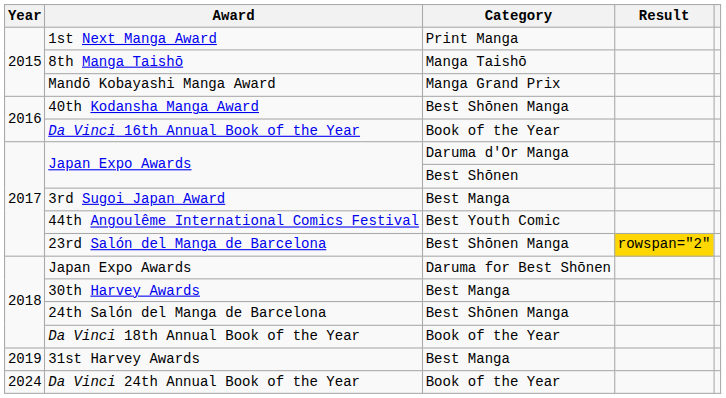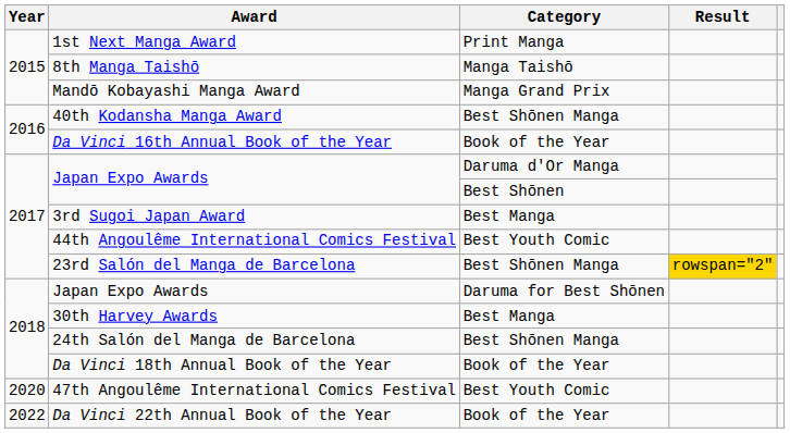 <table class="wikitable plainrowheaders sortable">
 <tr>
 <th scope="col">Year</th>
 <th scope="col">Award</th>
 <th scope="col">Category</th>
 <th scope="col">Result</th>
 <th scope="col" class="unsortable"></th>
 </tr>
 <tr>
 <td rowspan="3" align="center">2015</td>
 <td>1st <a href='#'>Next Manga Award</a></td>
 <td>Print Manga</td>
 <td></td>
 <td style="text-align:center;"></td>
 </tr>
 <tr>
 <td>8th <a href='#'>Manga Taishō</a></td>
 <td>Manga Taishō</td>
 <td></td>
 <td style="text-align:center;"></td>
 </tr>
 <tr>
 <td>Mandō Kobayashi Manga Award</td>
 <td>Manga Grand Prix</td>
 <td></td>
 <td style="text-align:center;"></td>
 </tr>
 <tr>
 <td rowspan="2" align="center">2016</td>
 <td>40th <a href='#'>Kodansha Manga Award</a></td>
 <td>Best Shōnen Manga</td>
 <td></td>
 <td style="text-align:center;"></td>
 </tr>
 <tr>
 <td><a href='#'><em>Da Vinci</em> 16th Annual Book of the Year</a></td>
 <td>Book of the Year</td>
 <td></td>
 <td style="text-align:center;"></td>
 </tr>
 <tr>
 <td rowspan="5" align="center">2017</td>
 <td rowspan="2"><a href='#'>Japan Expo Awards</a></td>
 <td>Daruma d'Or Manga</td>
 <td></td>
 <td rowspan="2" style="text-align:center;"></td>
 </tr>
 <tr>
 <td>Best Shōnen</td>
 <td></td>
 </tr>
 <tr>
 <td>3rd <a href='#'>Sugoi Japan Award</a></td>
 <td>Best Manga</td>
 <td></td>
 <td style="text-align:center;"></td>
 </tr>
 <tr>
 <td>44th <a href='#'>Angoulême International Comics Festival</a></td>
 <td>Best Youth Comic</td>
 <td></td>
 <td style="text-align:center;"></td>
 </tr>
 <tr>
 <td>23rd <a href='#'>Salón del Manga de Barcelona</a></td>
 <td>Best Shōnen Manga</td>
 <td style="background: gold;">rowspan="2" </td>
 <td style="text-align:center;"></td>
 </tr>
 <tr>
 <td rowspan="4" align="center">2018</td>
 <td>Japan Expo Awards</td>
 <td>Daruma for Best Shōnen</td>
 <td style="text-align:center;"></td>
 </tr>
 <tr>
 <td>30th <a href='#'>Harvey Awards</a></td>
 <td>Best Manga</td>
 <td></td>
 <td style="text-align:center;"></td>
 </tr>
 <tr>
 <td>24th Salón del Manga de Barcelona</td>
 <td>Best Shōnen Manga</td>
 <td></td>
 <td style="text-align:center;"></td>
 </tr>
 <tr>
 <td><em>Da Vinci</em> 18th Annual Book of the Year</td>
 <td>Book of the Year</td>
 <td></td>
 <td style="text-align:center;"></td>
 </tr>
 <tr>
-<td align="center">2019</td>
-<td>31st Harvey Awards</td>
-<td>Best Manga</td>
+<td align="center">2020</td>
+<td>47th Angoulême International Comics Festival</td>
+<td>Best Youth Comic</td>
 <td></td>
 <td style="text-align:center;"></td>
 </tr>
 <tr>
-<td align="center">2024</td>
-<td><em>Da Vinci</em> 24th Annual Book of the Year</td>
+<td align="center">2022</td>
+<td><em>Da Vinci</em> 22th Annual Book of the Year</td>
 <td>Book of the Year</td>
 <td></td>
 <td style="text-align:center;"></td>
 </tr>
 </table>
